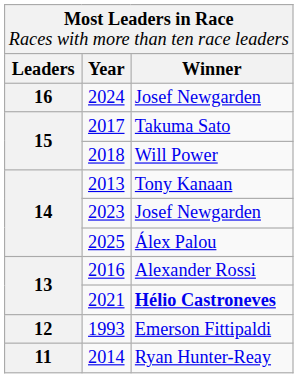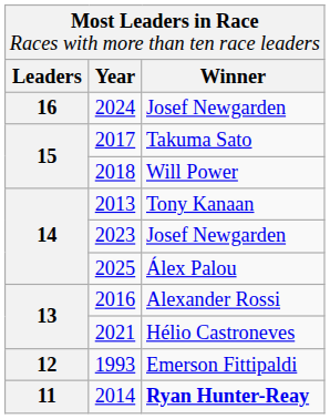 <table class="wikitable">
 <tr>
 <td style="background:#F2F2F2;" align="center" colspan="3"><strong>Most Leaders in Race</strong><br><em>Races with more than ten race leaders</em></td>
 </tr>
 <tr>
 <td style="background:#F2F2F2;" align="center"><strong>Leaders</strong></td>
 <td style="background:#F2F2F2;" align="center"><strong>Year</strong></td>
 <td style="background:#F2F2F2;" align="center"><strong>Winner</strong></td>
 </tr>
 <tr>
 <td style="background:#F2F2F2;" align="center"><strong>16</strong></td>
 <td align="center"><a href='#'>2024</a></td>
 <td> <a href='#'>Josef Newgarden</a></td>
 </tr>
 <tr>
 <td style="background:#F2F2F2;" align="center" rowspan="2"><strong>15</strong></td>
 <td align="center"><a href='#'>2017</a></td>
 <td> <a href='#'>Takuma Sato</a></td>
 </tr>
 <tr>
 <td align="center"><a href='#'>2018</a></td>
 <td> <a href='#'>Will Power</a></td>
 </tr>
 <tr>
 <td style="background:#F2F2F2;" align="center" rowspan="3"><strong>14</strong></td>
 <td align="center"><a href='#'>2013</a></td>
 <td> <a href='#'>Tony Kanaan</a></td>
 </tr>
 <tr>
 <td align="center"><a href='#'>2023</a></td>
 <td> <a href='#'>Josef Newgarden</a></td>
 </tr>
 <tr>
 <td align="center"><a href='#'>2025</a></td>
 <td> <a href='#'>Álex Palou</a></td>
 </tr>
 <tr>
 <td rowspan="2" style="background:#F2F2F2;" align="center"><strong>13</strong></td>
 <td align="center"><a href='#'>2016</a></td>
 <td> <a href='#'>Alexander Rossi</a></td>
 </tr>
 <tr>
 <td align="center"><a href='#'>2021</a></td>
-<td><strong> <a href='#'>Hélio Castroneves</a></strong></td>
+<td> <a href='#'>Hélio Castroneves</a></td>
 </tr>
 <tr>
 <td style="background:#F2F2F2;" align="center"><strong>12</strong></td>
 <td align="center"><a href='#'>1993</a></td>
 <td> <a href='#'>Emerson Fittipaldi</a></td>
 </tr>
 <tr>
 <td style="background:#F2F2F2;" align="center"><strong>11</strong></td>
 <td align="center"><a href='#'>2014</a></td>
-<td> <a href='#'>Ryan Hunter-Reay</a></td>
+<td><strong> <a href='#'>Ryan Hunter-Reay</a></strong></td>
 </tr>
 </table>
